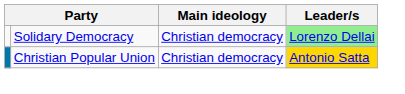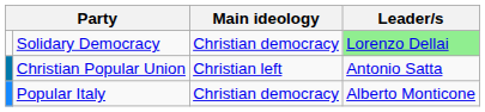 <table class="wikitable" style="font-size:95%">
 <tr>
 <th colspan=2>Party</th>
 <th>Main ideology</th>
 <th>Leader/s</th>
 </tr>
 <tr>
 <td></td>
 <td><a href='#'>Solidary Democracy</a></td>
 <td><a href='#'>Christian democracy</a></td>
 <td style="background: lightgreen;"><a href='#'>Lorenzo Dellai</a></td>
 </tr>
 <tr>
 <td bgcolor="#0078AA"></td>
 <td><a href='#'>Christian Popular Union</a></td>
+<td><a href='#'>Christian left</a></td>
+<td><a href='#'>Antonio Satta</a></td>
+</tr>
+<tr>
+<td bgcolor="#1589FF"></td>
+<td><a href='#'>Popular Italy</a></td>
 <td><a href='#'>Christian democracy</a></td>
-<td style="background: gold;"><a href='#'>Antonio Satta</a></td>
+<td><a href='#'>Alberto Monticone</a></td>
 </tr>
 </table>
